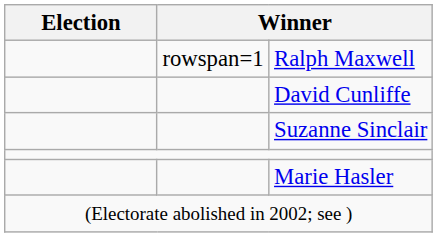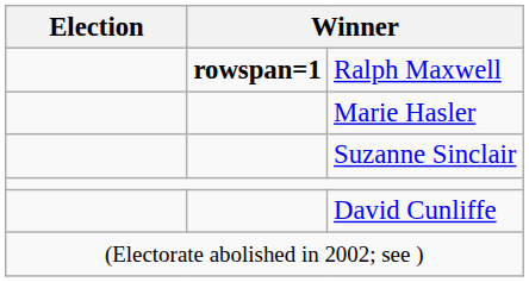 <table class=wikitable>
 <tr>
 <th width=100>Election</th>
 <th width=175 colspan=2>Winner</th>
 </tr>
 <tr>
 <td></td>
-<td>rowspan=1 </td>
+<td><strong>rowspan=1 </strong></td>
 <td rowspan=1><a href='#'>Ralph Maxwell</a></td>
 </tr>
 <tr>
 <td></td>
 <td></td>
-<td><a href='#'>David Cunliffe</a></td>
+<td><a href='#'>Marie Hasler</a></td>
 </tr>
 <tr>
 <td></td>
 <td></td>
 <td><a href='#'>Suzanne Sinclair</a></td>
 </tr>
 <tr>
 <td colspan=3 align=center></td>
 </tr>
 <tr>
 <td></td>
 <td></td>
-<td><a href='#'>Marie Hasler</a></td>
+<td><a href='#'>David Cunliffe</a></td>
 </tr>
 <tr>
 <td colspan=3 align=center><small>(Electorate abolished in 2002; see )</small></td>
 </tr>
 </table>
